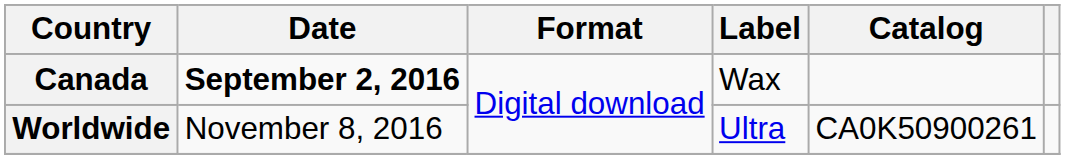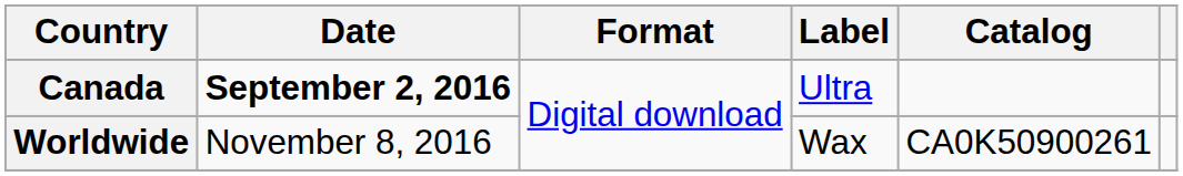 <table class="wikitable plainrowheaders">
 <tr>
 <th>Country</th>
 <th>Date</th>
 <th>Format</th>
 <th>Label</th>
 <th>Catalog </th>
 <th></th>
 </tr>
 <tr>
 <th scope="row">Canada</th>
 <td><strong>September 2, 2016</strong></td>
 <td rowspan="2"><a href='#'>Digital download</a></td>
-<td>Wax</td>
+<td><a href='#'>Ultra</a></td>
 <td></td>
 <td></td>
 </tr>
 <tr>
 <th scope="row">Worldwide</th>
 <td>November 8, 2016</td>
-<td><a href='#'>Ultra</a></td>
+<td>Wax</td>
 <td>CA0K50900261</td>
 <td></td>
 </tr>
 <tr>
 </tr>
 </table>
